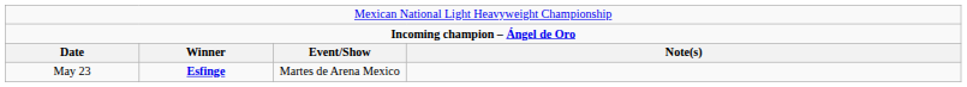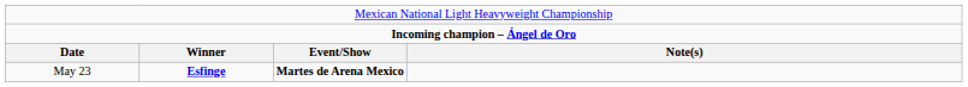 <table class="wikitable" style="text-align:center; width:100%;">
 <tr>
 <td colspan="5" style="text-align: center;"><a href='#'>Mexican National Light Heavyweight Championship</a></td>
 </tr>
 <tr>
 <td colspan="5" style="text-align: center;"><strong>Incoming champion – <a href='#'>Ángel de Oro</a></strong></td>
 </tr>
 <tr>
 <th width=14%>Date</th>
 <th width=14%>Winner</th>
 <th width=14%>Event/Show</th>
 <th width=58%>Note(s)</th>
 </tr>
 <tr>
 <td>May 23</td>
 <td><strong><a href='#'>Esfinge</a></strong></td>
-<td>Martes de Arena Mexico</td>
+<td><strong>Martes de Arena Mexico</strong></td>
 <td></td>
 </tr>
 </table>
